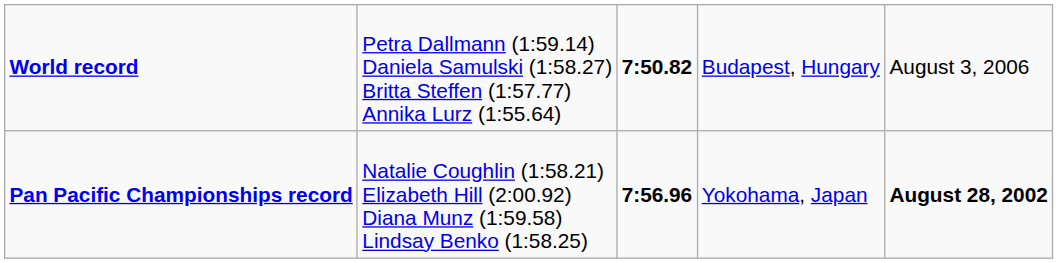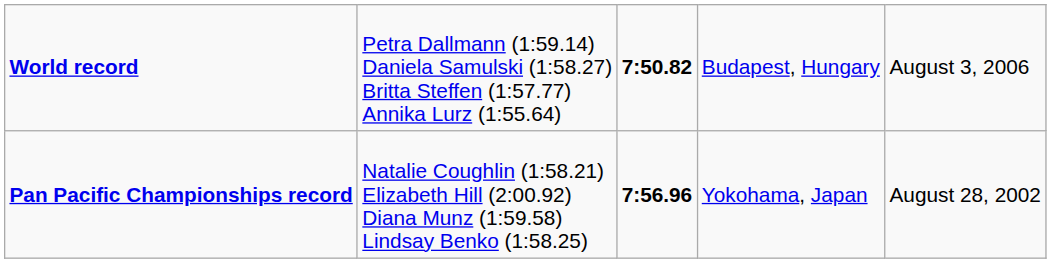 <table class="wikitable">
 <tr>
 <td><strong><a href='#'>World record</a></strong></td>
 <td><br><a href='#'>Petra Dallmann</a> (1:59.14)<br><a href='#'>Daniela Samulski</a> (1:58.27)<br><a href='#'>Britta Steffen</a> (1:57.77)<br><a href='#'>Annika Lurz</a> (1:55.64)</td>
 <td><strong>7:50.82</strong></td>
 <td><a href='#'>Budapest</a>, <a href='#'>Hungary</a></td>
 <td>August 3, 2006</td>
 </tr>
 <tr>
 <td><strong><a href='#'>Pan Pacific Championships record</a></strong></td>
 <td><br><a href='#'>Natalie Coughlin</a> (1:58.21)<br><a href='#'>Elizabeth Hill</a> (2:00.92)<br><a href='#'>Diana Munz</a> (1:59.58)<br><a href='#'>Lindsay Benko</a> (1:58.25)</td>
 <td><strong>7:56.96</strong></td>
 <td><a href='#'>Yokohama</a>, <a href='#'>Japan</a></td>
-<td><strong>August 28, 2002</strong></td>
+<td>August 28, 2002</td>
 </tr>
 </table>
